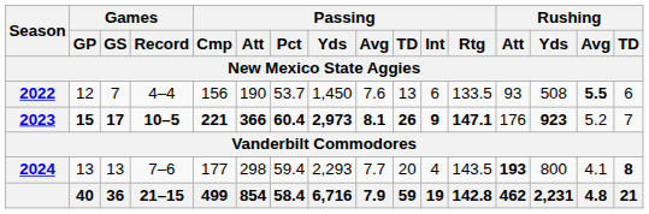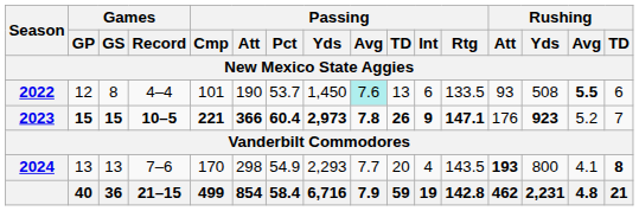 <table class="wikitable" style="text-align:center;">
 <tr>
 <th rowspan="2">Season</th>
 <th colspan="3">Games</th>
 <th colspan="8">Passing</th>
 <th colspan="5">Rushing</th>
 </tr>
 <tr>
 <th>GP</th>
 <th>GS</th>
 <th>Record</th>
 <th>Cmp</th>
 <th>Att</th>
 <th>Pct</th>
 <th>Yds</th>
 <th>Avg</th>
 <th>TD</th>
 <th>Int</th>
 <th>Rtg</th>
 <th>Att</th>
 <th>Yds</th>
 <th>Avg</th>
 <th>TD</th>
 </tr>
 <tr>
 <th colspan="16">New Mexico State Aggies</th>
 </tr>
 <tr>
 <th><a href='#'>2022</a></th>
 <td>12</td>
-<td>7</td>
+<td>8</td>
 <td>4–4</td>
-<td>156</td>
+<td>101</td>
 <td>190</td>
 <td>53.7</td>
 <td>1,450</td>
-<td>7.6</td>
+<td style="background: paleturquoise;">7.6</td>
 <td>13</td>
 <td>6</td>
 <td>133.5</td>
 <td>93</td>
 <td>508</td>
 <td><strong>5.5</strong></td>
 <td>6</td>
 </tr>
 <tr>
 <th><a href='#'>2023</a></th>
 <td><strong>15</strong></td>
-<td><strong>17</strong></td>
+<td><strong>15</strong></td>
 <td><strong>10–5</strong></td>
 <td><strong>221</strong></td>
 <td><strong>366</strong></td>
 <td><strong>60.4</strong></td>
 <td><strong>2,973</strong></td>
-<td><strong>8.1</strong></td>
+<td><strong>7.8</strong></td>
 <td><strong>26</strong></td>
 <td><strong>9</strong></td>
 <td><strong>147.1</strong></td>
 <td>176</td>
 <td><strong>923</strong></td>
 <td>5.2</td>
 <td>7</td>
 </tr>
 <tr>
 <th colspan="16">Vanderbilt Commodores</th>
 </tr>
 <tr>
 <th><a href='#'>2024</a></th>
 <td>13</td>
 <td>13</td>
 <td>7–6</td>
-<td>177</td>
+<td>170</td>
 <td>298</td>
-<td>59.4</td>
+<td>54.9</td>
 <td>2,293</td>
 <td>7.7</td>
 <td>20</td>
 <td>4</td>
 <td>143.5</td>
 <td><strong>193</strong></td>
 <td>800</td>
 <td>4.1</td>
 <td><strong>8</strong></td>
 </tr>
 <tr>
 <th colspan="1"></th>
 <th>40</th>
 <th>36</th>
 <th>21–15</th>
 <th>499</th>
 <th>854</th>
 <th>58.4</th>
 <th>6,716</th>
 <th>7.9</th>
 <th>59</th>
 <th>19</th>
 <th>142.8</th>
 <th>462</th>
 <th>2,231</th>
 <th>4.8</th>
 <th>21</th>
 </tr>
 </table>
